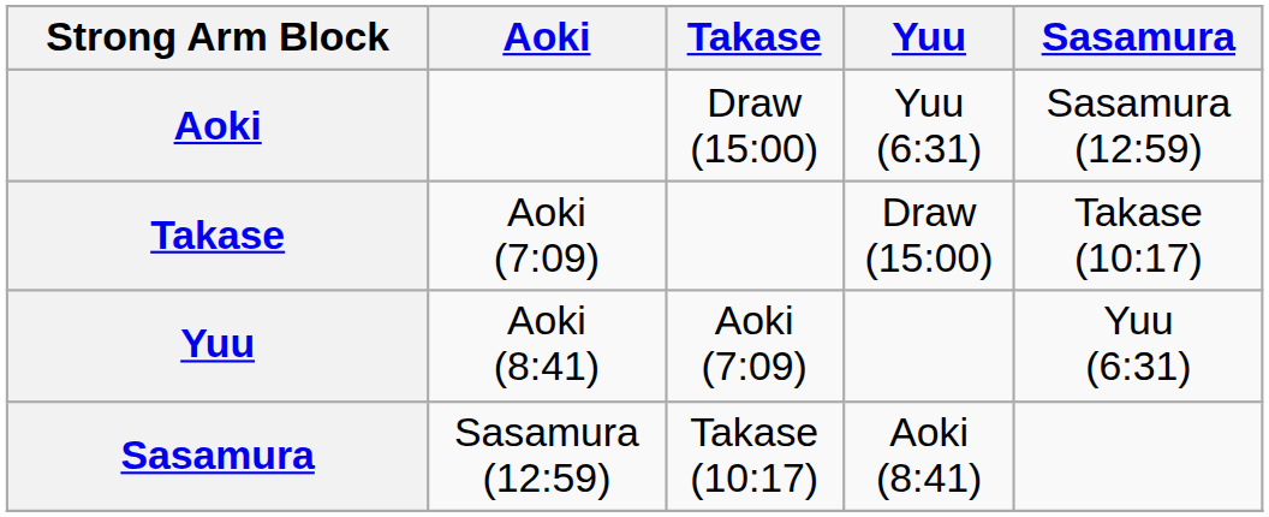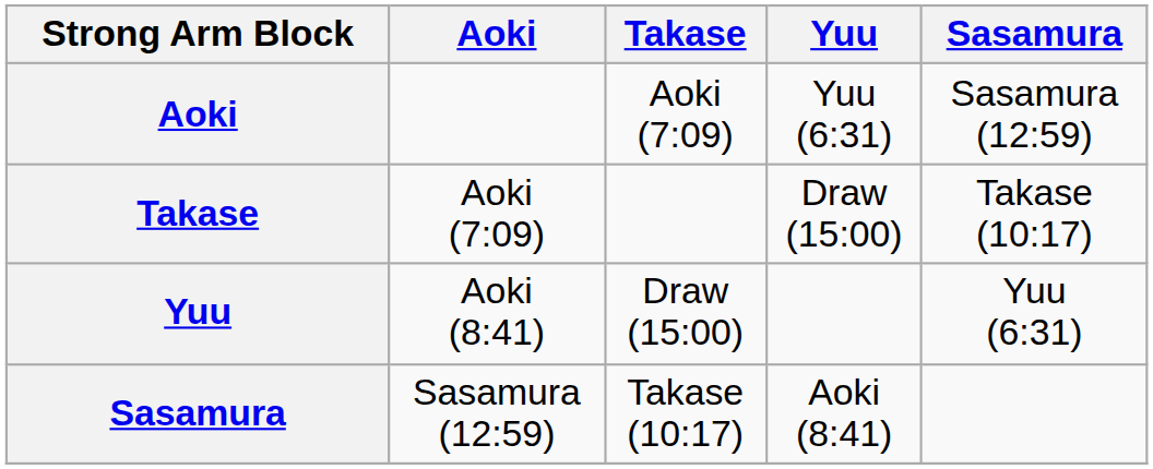 <table class="wikitable" style="text-align:center; margin: 1em auto 1em auto;" width="25%">
 <tr>
 <th>Strong Arm Block</th>
 <th><a href='#'>Aoki</a></th>
 <th><a href='#'>Takase</a></th>
 <th><a href='#'>Yuu</a></th>
 <th><a href='#'>Sasamura</a></th>
 </tr>
 <tr>
 <th><a href='#'>Aoki</a></th>
 <td></td>
-<td>Draw<br>(15:00)</td>
+<td>Aoki<br>(7:09)</td>
 <td>Yuu<br>(6:31)</td>
 <td>Sasamura<br>(12:59)</td>
 </tr>
 <tr>
 <th><a href='#'>Takase</a></th>
 <td>Aoki<br>(7:09)</td>
 <td></td>
 <td>Draw<br>(15:00)</td>
 <td>Takase<br>(10:17)</td>
 </tr>
 <tr>
 <th><a href='#'>Yuu</a></th>
 <td>Aoki<br>(8:41)</td>
-<td>Aoki<br>(7:09)</td>
+<td>Draw<br>(15:00)</td>
 <td></td>
 <td>Yuu<br>(6:31)</td>
 </tr>
 <tr>
 <th><a href='#'>Sasamura</a></th>
 <td>Sasamura<br>(12:59)</td>
 <td>Takase<br>(10:17)</td>
 <td>Aoki<br>(8:41)</td>
 <td></td>
 </tr>
 <tr>
 </tr>
 </table>
